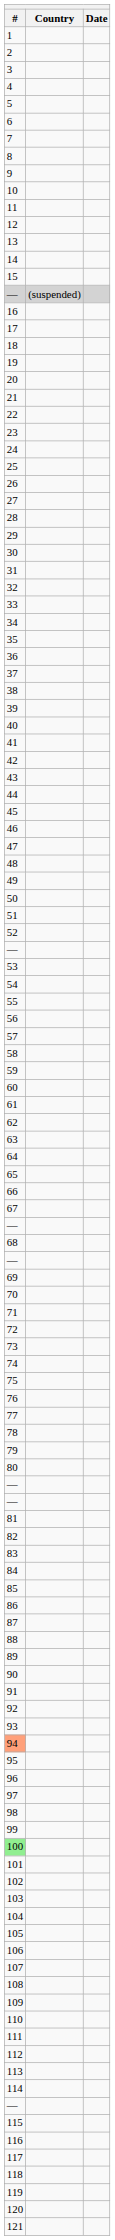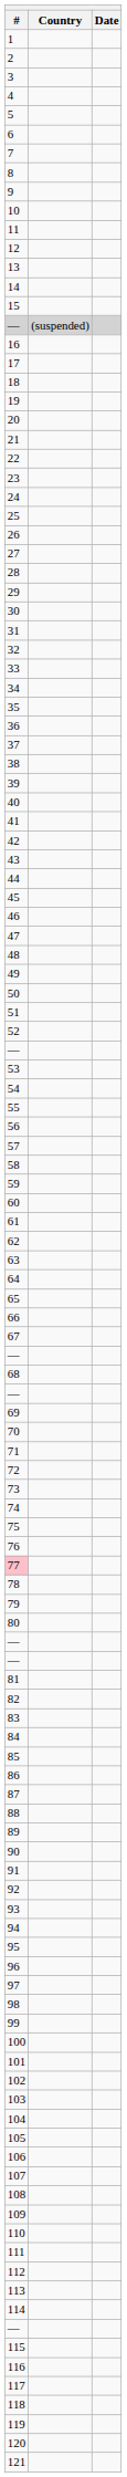 <table class="wikitable sortable">
 <tr>
 <th colspan="3"></th>
 </tr>
 <tr>
 <th>#</th>
 <th>Country</th>
 <th>Date</th>
 </tr>
 <tr>
 <td>1</td>
 <td></td>
 <td></td>
 </tr>
 <tr>
 <td>2</td>
 <td></td>
 <td></td>
 </tr>
 <tr>
 <td>3</td>
 <td></td>
 <td></td>
 </tr>
 <tr>
 <td>4</td>
 <td></td>
 <td></td>
 </tr>
 <tr>
 <td>5</td>
 <td></td>
 <td></td>
 </tr>
 <tr>
 <td>6</td>
 <td></td>
 <td></td>
 </tr>
 <tr>
 <td>7</td>
 <td></td>
 <td></td>
 </tr>
 <tr>
 <td>8</td>
 <td></td>
 <td></td>
 </tr>
 <tr>
 <td>9</td>
 <td></td>
 <td></td>
 </tr>
 <tr>
 <td>10</td>
 <td></td>
 <td></td>
 </tr>
 <tr>
 <td>11</td>
 <td></td>
 <td></td>
 </tr>
 <tr>
 <td>12</td>
 <td></td>
 <td></td>
 </tr>
 <tr>
 <td>13</td>
 <td></td>
 <td></td>
 </tr>
 <tr>
 <td>14</td>
 <td></td>
 <td></td>
 </tr>
 <tr>
 <td>15</td>
 <td></td>
 <td></td>
 </tr>
 <tr style="background:#D3D3D3">
 <td>—</td>
 <td> (suspended)</td>
 <td></td>
 </tr>
 <tr>
 <td>16</td>
 <td></td>
 <td></td>
 </tr>
 <tr>
 <td>17</td>
 <td></td>
 <td></td>
 </tr>
 <tr>
 <td>18</td>
 <td></td>
 <td></td>
 </tr>
 <tr>
 <td>19</td>
 <td></td>
 <td></td>
 </tr>
 <tr>
 <td>20</td>
 <td></td>
 <td></td>
 </tr>
 <tr>
 <td>21</td>
 <td></td>
 <td></td>
 </tr>
 <tr>
 <td>22</td>
 <td></td>
 <td></td>
 </tr>
 <tr>
 <td>23</td>
 <td></td>
 <td></td>
 </tr>
 <tr>
 <td>24</td>
 <td></td>
 <td></td>
 </tr>
 <tr>
 <td>25</td>
 <td></td>
 <td></td>
 </tr>
 <tr>
 <td>26</td>
 <td></td>
 <td></td>
 </tr>
 <tr>
 <td>27</td>
 <td></td>
 <td></td>
 </tr>
 <tr>
 <td>28</td>
 <td></td>
 <td></td>
 </tr>
 <tr>
 <td>29</td>
 <td></td>
 <td></td>
 </tr>
 <tr>
 <td>30</td>
 <td></td>
 <td></td>
 </tr>
 <tr>
 <td>31</td>
 <td></td>
 <td></td>
 </tr>
 <tr>
 <td>32</td>
 <td></td>
 <td></td>
 </tr>
 <tr>
 <td>33</td>
 <td></td>
 <td></td>
 </tr>
 <tr>
 <td>34</td>
 <td></td>
 <td></td>
 </tr>
 <tr>
 <td>35</td>
 <td></td>
 <td></td>
 </tr>
 <tr>
 <td>36</td>
 <td></td>
 <td></td>
 </tr>
 <tr>
 <td>37</td>
 <td></td>
 <td></td>
 </tr>
 <tr>
 <td>38</td>
 <td></td>
 <td></td>
 </tr>
 <tr>
 <td>39</td>
 <td></td>
 <td></td>
 </tr>
 <tr>
 <td>40</td>
 <td></td>
 <td></td>
 </tr>
 <tr>
 <td>41</td>
 <td></td>
 <td></td>
 </tr>
 <tr>
 <td>42</td>
 <td></td>
 <td></td>
 </tr>
 <tr>
 <td>43</td>
 <td></td>
 <td></td>
 </tr>
 <tr>
 <td>44</td>
 <td></td>
 <td></td>
 </tr>
 <tr>
 <td>45</td>
 <td></td>
 <td></td>
 </tr>
 <tr>
 <td>46</td>
 <td></td>
 <td></td>
 </tr>
 <tr>
 <td>47</td>
 <td></td>
 <td></td>
 </tr>
 <tr>
 <td>48</td>
 <td></td>
 <td></td>
 </tr>
 <tr>
 <td>49</td>
 <td></td>
 <td></td>
 </tr>
 <tr>
 <td>50</td>
 <td></td>
 <td></td>
 </tr>
 <tr>
 <td>51</td>
 <td></td>
 <td></td>
 </tr>
 <tr>
 <td>52</td>
 <td></td>
 <td></td>
 </tr>
 <tr>
 <td>—</td>
 <td></td>
 <td></td>
 </tr>
 <tr>
 <td>53</td>
 <td></td>
 <td></td>
 </tr>
 <tr>
 <td>54</td>
 <td></td>
 <td></td>
 </tr>
 <tr>
 <td>55</td>
 <td></td>
 <td></td>
 </tr>
 <tr>
 <td>56</td>
 <td></td>
 <td></td>
 </tr>
 <tr>
 <td>57</td>
 <td></td>
 <td></td>
 </tr>
 <tr>
 <td>58</td>
 <td></td>
 <td></td>
 </tr>
 <tr>
 <td>59</td>
 <td></td>
 <td></td>
 </tr>
 <tr>
 <td>60</td>
 <td></td>
 <td></td>
 </tr>
 <tr>
 <td>61</td>
 <td></td>
 <td></td>
 </tr>
 <tr>
 <td>62</td>
 <td></td>
 <td></td>
 </tr>
 <tr>
 <td>63</td>
 <td></td>
 <td></td>
 </tr>
 <tr>
 <td>64</td>
 <td></td>
 <td></td>
 </tr>
 <tr>
 <td>65</td>
 <td></td>
 <td></td>
 </tr>
 <tr>
 <td>66</td>
 <td></td>
 <td></td>
 </tr>
 <tr>
 <td>67</td>
 <td></td>
 <td></td>
 </tr>
 <tr>
 <td>—</td>
 <td></td>
 <td></td>
 </tr>
 <tr>
 <td>68</td>
 <td></td>
 <td></td>
 </tr>
 <tr>
 <td>—</td>
 <td></td>
 <td></td>
 </tr>
 <tr>
 <td>69</td>
 <td></td>
 <td></td>
 </tr>
 <tr>
 <td>70</td>
 <td></td>
 <td></td>
 </tr>
 <tr>
 <td>71</td>
 <td></td>
 <td></td>
 </tr>
 <tr>
 <td>72</td>
 <td></td>
 <td></td>
 </tr>
 <tr>
 <td>73</td>
 <td></td>
 <td></td>
 </tr>
 <tr>
 <td>74</td>
 <td></td>
 <td></td>
 </tr>
 <tr>
 <td>75</td>
 <td></td>
 <td></td>
 </tr>
 <tr>
 <td>76</td>
 <td></td>
 <td></td>
 </tr>
 <tr>
-<td>77</td>
+<td style="background: pink;">77</td>
 <td></td>
 <td></td>
 </tr>
 <tr>
 <td>78</td>
 <td></td>
 <td></td>
 </tr>
 <tr>
 <td>79</td>
 <td></td>
 <td></td>
 </tr>
 <tr>
 <td>80</td>
 <td></td>
 <td></td>
 </tr>
 <tr>
 <td>—</td>
 <td></td>
 <td></td>
 </tr>
 <tr>
 <td>—</td>
 <td></td>
 <td></td>
 </tr>
 <tr>
 <td>81</td>
 <td></td>
 <td></td>
 </tr>
 <tr>
 <td>82</td>
 <td></td>
 <td></td>
 </tr>
 <tr>
 <td>83</td>
 <td></td>
 <td></td>
 </tr>
 <tr>
 <td>84</td>
 <td></td>
 <td></td>
 </tr>
 <tr>
 <td>85</td>
 <td></td>
 <td></td>
 </tr>
 <tr>
 <td>86</td>
 <td></td>
 <td></td>
 </tr>
 <tr>
 <td>87</td>
 <td></td>
 <td></td>
 </tr>
 <tr>
 <td>88</td>
 <td></td>
 <td></td>
 </tr>
 <tr>
 <td>89</td>
 <td></td>
 <td></td>
 </tr>
 <tr>
 <td>90</td>
 <td></td>
 <td></td>
 </tr>
 <tr>
 <td>91</td>
 <td></td>
 <td></td>
 </tr>
 <tr>
 <td>92</td>
 <td></td>
 <td></td>
 </tr>
 <tr>
 <td>93</td>
 <td></td>
 <td></td>
 </tr>
 <tr>
-<td style="background: lightsalmon;">94</td>
+<td>94</td>
 <td></td>
 <td></td>
 </tr>
 <tr>
 <td>95</td>
 <td></td>
 <td></td>
 </tr>
 <tr>
 <td>96</td>
 <td></td>
 <td></td>
 </tr>
 <tr>
 <td>97</td>
 <td></td>
 <td></td>
 </tr>
 <tr>
 <td>98</td>
 <td></td>
 <td></td>
 </tr>
 <tr>
 <td>99</td>
 <td></td>
 <td></td>
 </tr>
 <tr>
-<td style="background: lightgreen;">100</td>
+<td>100</td>
 <td></td>
 <td></td>
 </tr>
 <tr>
 <td>101</td>
 <td></td>
 <td></td>
 </tr>
 <tr>
 <td>102</td>
 <td></td>
 <td></td>
 </tr>
 <tr>
 <td>103</td>
 <td></td>
 <td></td>
 </tr>
 <tr>
 <td>104</td>
 <td></td>
 <td></td>
 </tr>
 <tr>
 <td>105</td>
 <td></td>
 <td></td>
 </tr>
 <tr>
 <td>106</td>
 <td></td>
 <td></td>
 </tr>
 <tr>
 <td>107</td>
 <td></td>
 <td></td>
 </tr>
 <tr>
 <td>108</td>
 <td></td>
 <td></td>
 </tr>
 <tr>
 <td>109</td>
 <td></td>
 <td></td>
 </tr>
 <tr>
 <td>110</td>
 <td></td>
 <td></td>
 </tr>
 <tr>
 <td>111</td>
 <td></td>
 <td></td>
 </tr>
 <tr>
 <td>112</td>
 <td></td>
 <td></td>
 </tr>
 <tr>
 <td>113</td>
 <td></td>
 <td></td>
 </tr>
 <tr>
 <td>114</td>
 <td></td>
 <td></td>
 </tr>
 <tr>
 <td>—</td>
 <td></td>
 <td></td>
 </tr>
 <tr>
 <td>115</td>
 <td></td>
 <td></td>
 </tr>
 <tr>
 <td>116</td>
 <td></td>
 <td></td>
 </tr>
 <tr>
 <td>117</td>
 <td></td>
 <td></td>
 </tr>
 <tr>
 <td>118</td>
 <td></td>
 <td></td>
 </tr>
 <tr>
 <td>119</td>
 <td></td>
 <td></td>
 </tr>
 <tr>
 <td>120</td>
 <td></td>
 <td></td>
 </tr>
 <tr>
 <td>121</td>
 <td></td>
 <td></td>
 </tr>
 </table>
